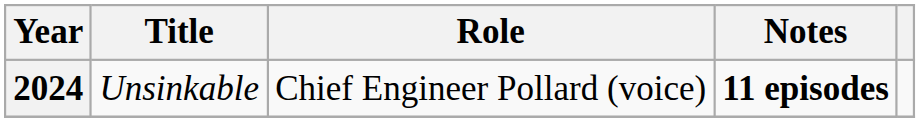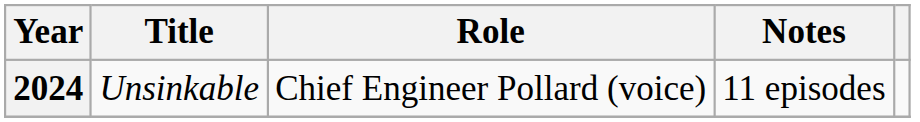 <table class="wikitable plainrowheaders sortable" style="margin-right: 0;">
 <tr>
 <th scope="col">Year</th>
 <th scope="col">Title</th>
 <th scope="col">Role</th>
 <th scope="col" class="unsortable">Notes</th>
 <th scope="col" class="unsortable"></th>
 </tr>
 <tr>
 <th scope="row">2024</th>
 <td><em>Unsinkable</em></td>
 <td>Chief Engineer Pollard (voice)</td>
-<td><strong>11 episodes</strong></td>
+<td>11 episodes</td>
 <td style="text-align: center;"></td>
 </tr>
 <tr>
 </tr>
 </table>
